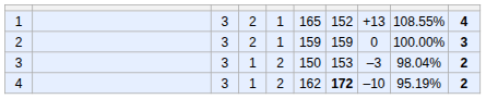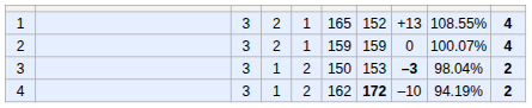 <table class="wikitable" style="text-align:center; font-size:95%">
 <tr>
 <th width="25"></th>
 <th width="200"></th>
 <th width="25"></th>
 <th width="25"></th>
 <th width="25"></th>
 <th width="30"></th>
 <th width="30"></th>
 <th width="30"></th>
 <th width="30"></th>
 <th width="30"></th>
 </tr>
 <tr style="background:#e6efff">
 <td>1</td>
 <td style="text-align:left"></td>
 <td>3</td>
 <td>2</td>
 <td>1</td>
 <td>165</td>
 <td>152</td>
 <td>+13</td>
 <td>108.55%</td>
 <td><strong>4</strong></td>
 </tr>
 <tr style="background:#e6efff">
 <td>2</td>
 <td style="text-align:left"></td>
 <td>3</td>
 <td>2</td>
 <td>1</td>
 <td>159</td>
 <td>159</td>
 <td>0</td>
-<td>100.00%</td>
-<td><strong>3</strong></td>
+<td>100.07%</td>
+<td><strong>4</strong></td>
 </tr>
 <tr style="background:#e6efff">
 <td>3</td>
 <td style="text-align:left"></td>
 <td>3</td>
 <td>1</td>
 <td>2</td>
 <td>150</td>
 <td>153</td>
-<td>–3</td>
+<td><strong>–3</strong></td>
 <td>98.04%</td>
 <td><strong>2</strong></td>
 </tr>
 <tr style="background:#e6efff">
 <td>4</td>
 <td style="text-align:left"></td>
 <td>3</td>
 <td>1</td>
 <td>2</td>
 <td>162</td>
 <td><strong>172</strong></td>
 <td>–10</td>
-<td>95.19%</td>
+<td>94.19%</td>
 <td><strong>2</strong></td>
 </tr>
 </table>
